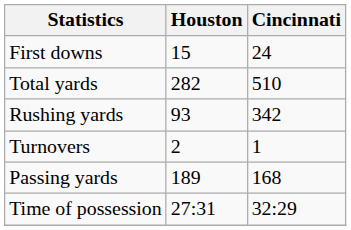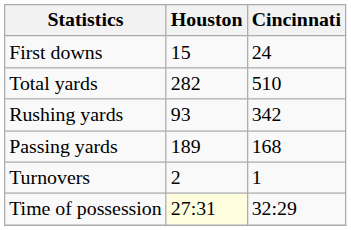 <table class="wikitable">
 <tr>
 <th>Statistics</th>
 <th>Houston</th>
 <th>Cincinnati</th>
 </tr>
 <tr>
 <td>First downs</td>
 <td>15</td>
 <td>24</td>
 </tr>
 <tr>
 <td>Total yards</td>
 <td>282</td>
 <td>510</td>
 </tr>
 <tr>
 <td>Rushing yards</td>
 <td>93</td>
 <td>342</td>
 </tr>
 <tr>
+<td>Passing yards</td>
+<td>189</td>
+<td>168</td>
+</tr>
+<tr>
 <td>Turnovers</td>
 <td>2</td>
 <td>1</td>
 </tr>
 <tr>
-<td>Passing yards</td>
-<td>189</td>
-<td>168</td>
-</tr>
-<tr>
 <td>Time of possession</td>
-<td>27:31</td>
+<td style="background: lightyellow;">27:31</td>
 <td>32:29</td>
 </tr>
 <tr>
 </tr>
 </table>
